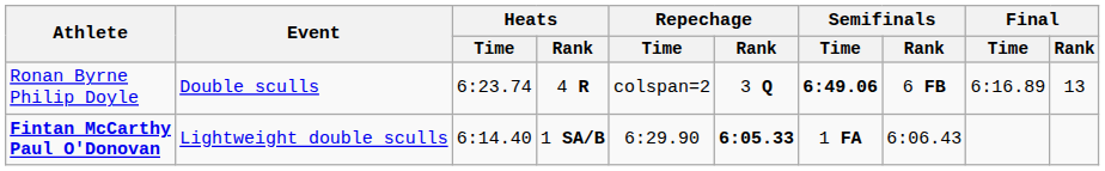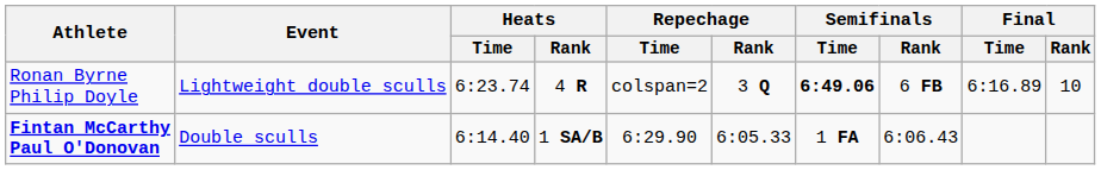 <table class="wikitable" style="font-size:90%">
 <tr>
 <th rowspan="2">Athlete</th>
 <th rowspan="2">Event</th>
 <th colspan="2">Heats</th>
 <th colspan="2">Repechage</th>
 <th colspan="2">Semifinals</th>
 <th colspan="2">Final</th>
 </tr>
 <tr style="font-size:95%">
 <th>Time</th>
 <th>Rank</th>
 <th>Time</th>
 <th>Rank</th>
 <th>Time</th>
 <th>Rank</th>
 <th>Time</th>
 <th>Rank</th>
 </tr>
 <tr align=center>
 <td align=left><a href='#'>Ronan Byrne</a><br><a href='#'>Philip Doyle</a></td>
-<td align=left><a href='#'>Double sculls</a></td>
+<td align=left><a href='#'>Lightweight double sculls</a></td>
 <td>6:23.74</td>
 <td>4 <strong>R</strong></td>
 <td>colspan=2 </td>
 <td>3 <strong>Q</strong></td>
 <td><strong>6:49.06</strong></td>
 <td>6 <strong>FB</strong></td>
 <td>6:16.89</td>
-<td>13</td>
+<td>10</td>
 </tr>
 <tr align=center>
 <td align=left><strong><a href='#'>Fintan McCarthy</a><br><a href='#'>Paul O'Donovan</a></strong></td>
-<td align=left><a href='#'>Lightweight double sculls</a></td>
+<td align=left><a href='#'>Double sculls</a></td>
 <td>6:14.40</td>
 <td>1 <strong>SA/B</strong></td>
 <td>6:29.90</td>
-<td><strong>6:05.33 </strong></td>
+<td>6:05.33 </td>
 <td>1 <strong>FA</strong></td>
 <td>6:06.43</td>
 <td></td>
 </tr>
 </table>
